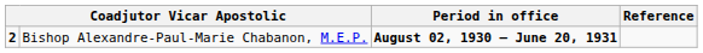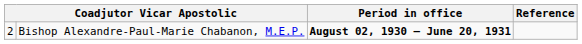 <table class="wikitable">
 <tr>
 <th colspan="2">Coadjutor Vicar Apostolic</th>
 <th>Period in office</th>
 <th>Reference</th>
 </tr>
 <tr>
-<td><strong>2</strong></td>
+<td>2</td>
 <td>Bishop Alexandre-Paul-Marie Chabanon, <a href='#'>M.E.P.</a></td>
 <td><strong>August 02, 1930 – June 20, 1931</strong></td>
 <td></td>
 </tr>
 </table>
